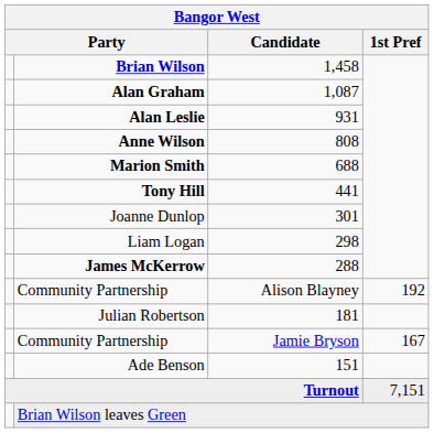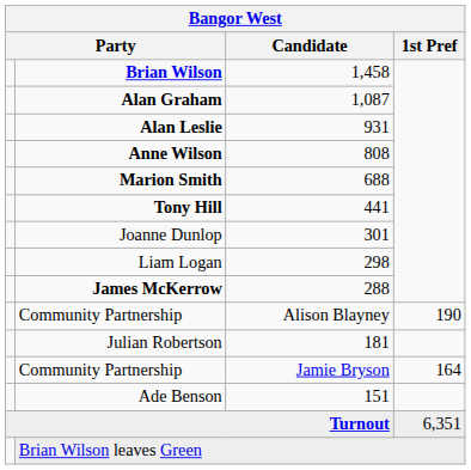 <table class="wikitable">
 <tr>
 <th colspan="4" align="center"><a href='#'>Bangor West</a></th>
 </tr>
 <tr>
 <th colspan="2" align="center" width=200>Party</th>
 <th width=150>Candidate</th>
 <th width=60>1st Pref</th>
 </tr>
 <tr>
 <td></td>
 <td align="right"><strong><a href='#'>Brian Wilson</a></strong></td>
 <td align="right">1,458</td>
 </tr>
 <tr>
 <td></td>
 <td align="right"><strong>Alan Graham</strong></td>
 <td align="right">1,087</td>
 </tr>
 <tr>
 <td></td>
 <td align="right"><strong>Alan Leslie</strong></td>
 <td align="right">931</td>
 </tr>
 <tr>
 <td></td>
 <td align="right"><strong>Anne Wilson</strong></td>
 <td align="right">808</td>
 </tr>
 <tr>
 <td></td>
 <td align="right"><strong>Marion Smith</strong></td>
 <td align="right">688</td>
 </tr>
 <tr>
 <td></td>
 <td align="right"><strong>Tony Hill</strong></td>
 <td align="right">441</td>
 </tr>
 <tr>
 <td></td>
 <td align="right">Joanne Dunlop</td>
 <td align="right">301</td>
 </tr>
 <tr>
 <td></td>
 <td align="right">Liam Logan</td>
 <td align="right">298</td>
 </tr>
 <tr>
 <td></td>
 <td align="right"><strong>James McKerrow</strong></td>
 <td align="right">288</td>
 </tr>
 <tr>
 <td style="background-color: "></td>
 <td>Community Partnership</td>
 <td align="right">Alison Blayney</td>
-<td align="right">192</td>
+<td align="right">190</td>
 </tr>
 <tr>
 <td></td>
 <td align="right">Julian Robertson</td>
 <td align="right">181</td>
 </tr>
 <tr>
 <td style="background-color: "></td>
 <td>Community Partnership</td>
 <td align="right"><a href='#'>Jamie Bryson</a></td>
-<td align="right">167</td>
+<td align="right">164</td>
 </tr>
 <tr>
 <td></td>
 <td align="right">Ade Benson</td>
 <td align="right">151</td>
 </tr>
 <tr bgcolor="EEEEEE">
 <td colspan=3 align="right"><strong><a href='#'>Turnout</a></strong></td>
-<td align="right">7,151</td>
+<td align="right">6,351</td>
 </tr>
 <tr>
 <td bgcolor=></td>
 <td colspan=3 bgcolor="EEEEEE"><a href='#'>Brian Wilson</a> leaves <a href='#'>Green</a></td>
 </tr>
 </table>
